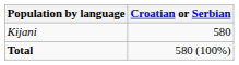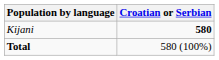 <table class="wikitable sortable">
 <tr>
 <th>Population by language</th>
 <th><a href='#'>Croatian</a> or <a href='#'>Serbian</a></th>
 </tr>
 <tr>
 <td><em>Kijani</em></td>
-<td align="right">580</td>
+<td align="right"><strong>580</strong></td>
 </tr>
 <tr>
 <td><strong>Total</strong></td>
 <td align="right">580 (100%)</td>
 </tr>
 </table>
